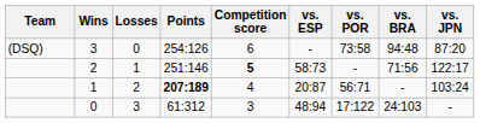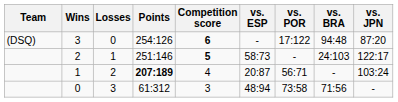 <table class="wikitable" style="text-align:center;">
 <tr>
 <th width=200>Team</th>
 <th width=50>Wins</th>
 <th width=50>Losses</th>
 <th width=50>Points</th>
 <th width=50>Competition<br>score</th>
 <th width=70>vs. ESP</th>
 <th width=70>vs. POR</th>
 <th width=70>vs. BRA</th>
 <th width=70>vs. JPN</th>
 </tr>
 <tr>
 <td align=left> (DSQ)</td>
 <td>3</td>
 <td>0</td>
 <td>254:126</td>
-<td>6</td>
+<td><strong>6</strong></td>
 <td>-</td>
-<td>73:58</td>
+<td>17:122</td>
 <td>94:48</td>
 <td>87:20</td>
 </tr>
 <tr>
 <td align=left></td>
 <td>2</td>
 <td>1</td>
 <td>251:146</td>
 <td><strong>5</strong></td>
 <td>58:73</td>
 <td>-</td>
-<td>71:56</td>
+<td>24:103</td>
 <td>122:17</td>
 </tr>
 <tr>
 <td align=left></td>
 <td>1</td>
 <td>2</td>
 <td><strong>207:189</strong></td>
 <td>4</td>
 <td>20:87</td>
 <td>56:71</td>
 <td>-</td>
 <td>103:24</td>
 </tr>
 <tr>
 <td align=left></td>
 <td>0</td>
 <td>3</td>
 <td>61:312</td>
 <td>3</td>
 <td>48:94</td>
-<td>17:122</td>
-<td>24:103</td>
+<td>73:58</td>
+<td>71:56</td>
 <td>-</td>
 </tr>
 </table>
